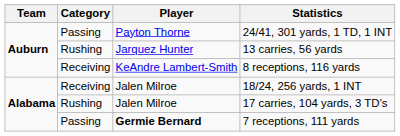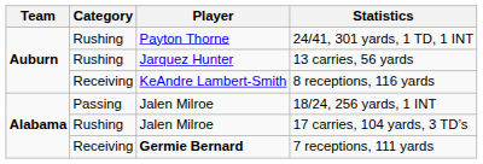 <table class="wikitable" style="float: right;">
 <tr>
 <th>Team</th>
 <th>Category</th>
 <th>Player</th>
 <th>Statistics</th>
 </tr>
 <tr>
 <td rowspan=3><strong>Auburn</strong></td>
-<td>Passing</td>
+<td>Rushing</td>
 <td><a href='#'>Payton Thorne</a></td>
 <td>24/41, 301 yards, 1 TD, 1 INT</td>
 </tr>
 <tr>
 <td>Rushing</td>
 <td><a href='#'>Jarquez Hunter</a></td>
 <td>13 carries, 56 yards</td>
 </tr>
 <tr>
 <td>Receiving</td>
 <td><a href='#'>KeAndre Lambert-Smith</a></td>
 <td>8 receptions, 116 yards</td>
 </tr>
 <tr>
 <td rowspan=3><strong>Alabama</strong></td>
-<td>Receiving</td>
+<td>Passing</td>
 <td>Jalen Milroe</td>
 <td>18/24, 256 yards, 1 INT</td>
 </tr>
 <tr>
 <td>Rushing</td>
 <td>Jalen Milroe</td>
 <td>17 carries, 104 yards, 3 TD’s</td>
 </tr>
 <tr>
-<td>Passing</td>
+<td>Receiving</td>
 <td><strong>Germie Bernard</strong></td>
 <td>7 receptions, 111 yards</td>
 </tr>
 </table>
